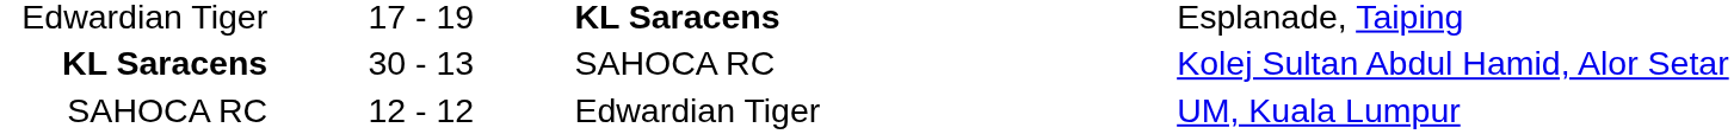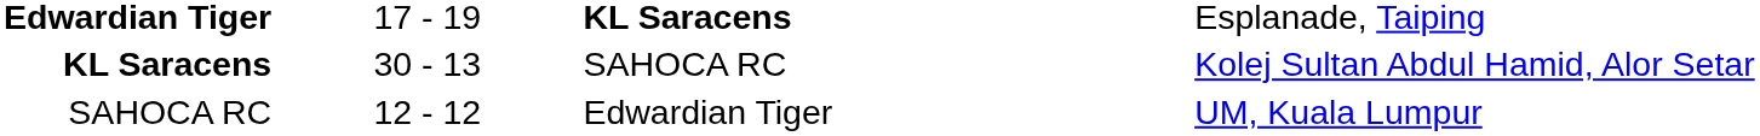 <table width=100% cellspacing=1>
 <tr>
 <th width=25%></th>
 <th width=10%></th>
 <th></th>
 </tr>
 <tr>
 </tr>
 <tr style=font-size:90%>
-<td align=right>Edwardian Tiger </td>
+<td align=right><strong>Edwardian Tiger </strong></td>
 <td align=center>17 - 19</td>
 <td> <strong>KL Saracens</strong></td>
 <td>Esplanade, <a href='#'>Taiping</a></td>
 </tr>
 <tr>
 </tr>
 <tr style=font-size:90%>
 <td align=right><strong>KL Saracens</strong> </td>
 <td align=center>30 - 13</td>
 <td> SAHOCA RC</td>
 <td><a href='#'>Kolej Sultan Abdul Hamid, Alor Setar</a></td>
 </tr>
 <tr>
 </tr>
 <tr style=font-size:90%>
 <td align=right>SAHOCA RC </td>
 <td align=center>12 - 12</td>
 <td> Edwardian Tiger</td>
 <td><a href='#'>UM, Kuala Lumpur</a></td>
 </tr>
 </table>
